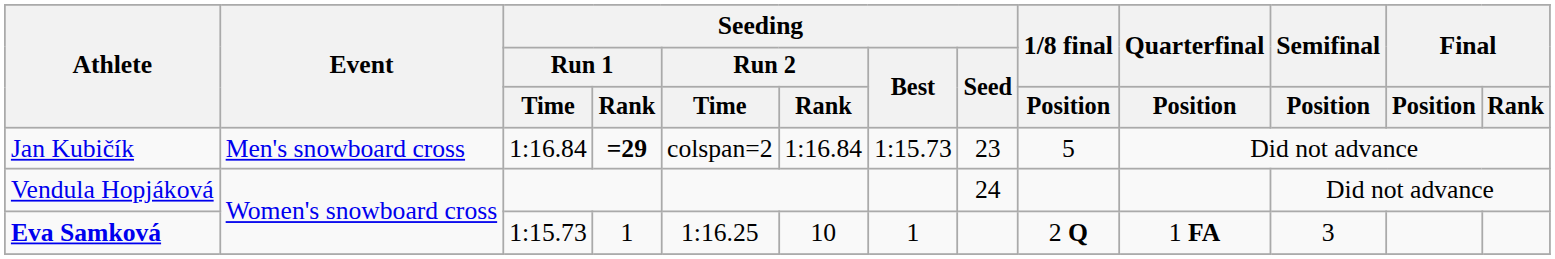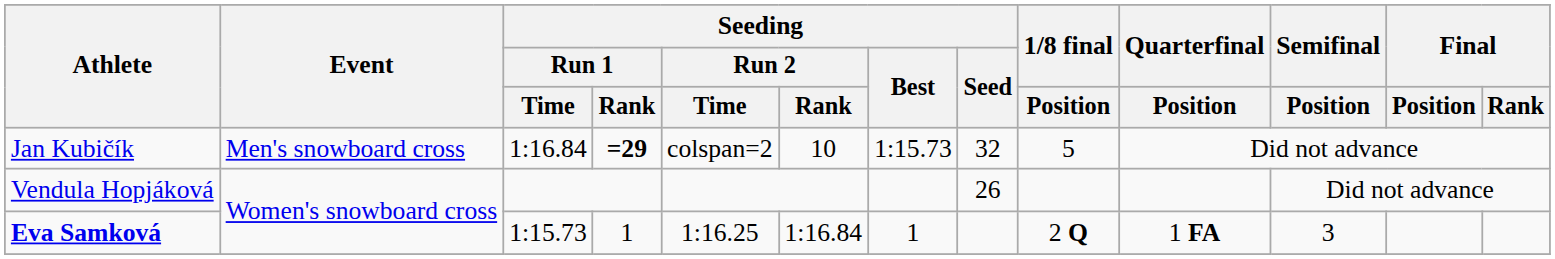 <table class=wikitable style=font-size:90%>
 <tr>
 <th rowspan=3>Athlete</th>
 <th rowspan=3>Event</th>
 <th colspan=6>Seeding</th>
 <th rowspan=2>1/8 final</th>
 <th rowspan=2>Quarterfinal</th>
 <th rowspan=2>Semifinal</th>
 <th rowspan=2 colspan=2>Final</th>
 </tr>
 <tr style=font-size:95%>
 <th colspan=2>Run 1</th>
 <th colspan=2>Run 2</th>
 <th rowspan=2>Best</th>
 <th rowspan=2>Seed</th>
 </tr>
 <tr style=font-size:95%>
 <th>Time</th>
 <th>Rank</th>
 <th>Time</th>
 <th>Rank</th>
 <th>Position</th>
 <th>Position</th>
 <th>Position</th>
 <th>Position</th>
 <th>Rank</th>
 </tr>
 <tr align=center>
 <td align="left"><a href='#'>Jan Kubičík</a></td>
 <td align="left"><a href='#'>Men's snowboard cross</a></td>
 <td>1:16.84</td>
 <td><strong>=29</strong></td>
 <td>colspan=2 </td>
-<td>1:16.84</td>
+<td>10</td>
 <td>1:15.73</td>
-<td>23</td>
+<td>32</td>
 <td>5</td>
 <td colspan=4>Did not advance</td>
 </tr>
 <tr align="center">
 <td align="left"><a href='#'>Vendula Hopjáková</a></td>
 <td align=left rowspan="2"><a href='#'>Women's snowboard cross</a></td>
 <td colspan=2></td>
 <td colspan=2></td>
 <td></td>
-<td>24</td>
+<td>26</td>
 <td></td>
 <td></td>
 <td colspan=3>Did not advance</td>
 </tr>
 <tr align=center>
 <td align="left"><strong><a href='#'>Eva Samková</a></strong></td>
 <td>1:15.73</td>
 <td>1</td>
 <td>1:16.25</td>
-<td>10</td>
+<td>1:16.84</td>
 <td>1</td>
 <td></td>
 <td>2 <strong>Q</strong></td>
 <td>1 <strong>FA</strong></td>
 <td>3</td>
 <td></td>
 </tr>
 </table>
